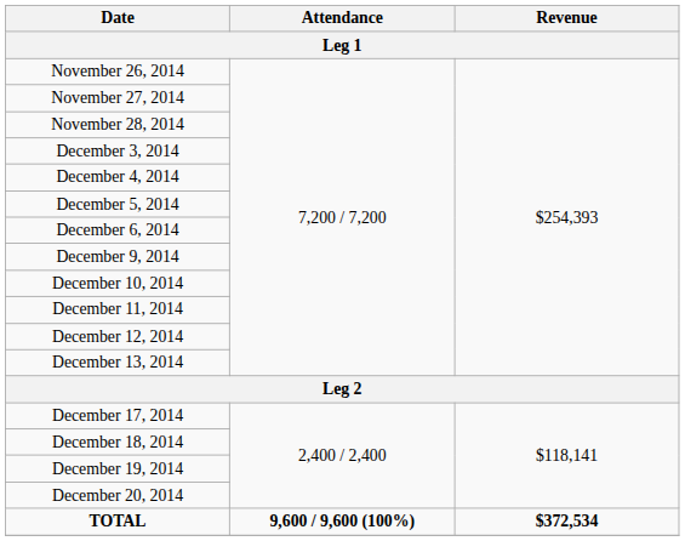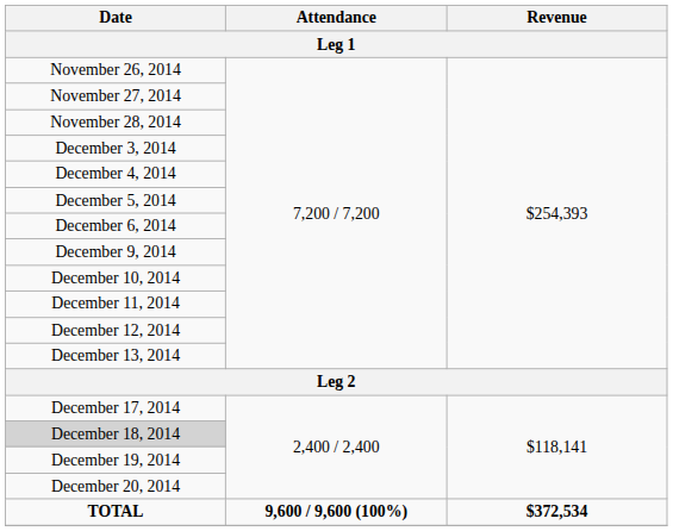 <table class="wikitable" style="text-align:center;">
 <tr>
 <th scope="col" style="width:13em;">Date</th>
 <th scope="col" style="width:13em;">Attendance</th>
 <th scope="col" style="width:13em;">Revenue</th>
 </tr>
 <tr>
 <th colspan="3">Leg 1</th>
 </tr>
 <tr>
 <td>November 26, 2014</td>
 <td rowspan="12">7,200 / 7,200</td>
 <td rowspan="12">$254,393</td>
 </tr>
 <tr>
 <td>November 27, 2014</td>
 </tr>
 <tr>
 <td>November 28, 2014</td>
 </tr>
 <tr>
 <td>December 3, 2014</td>
 </tr>
 <tr>
 <td>December 4, 2014</td>
 </tr>
 <tr>
 <td>December 5, 2014</td>
 </tr>
 <tr>
 <td>December 6, 2014</td>
 </tr>
 <tr>
 <td>December 9, 2014</td>
 </tr>
 <tr>
 <td>December 10, 2014</td>
 </tr>
 <tr>
 <td>December 11, 2014</td>
 </tr>
 <tr>
 <td>December 12, 2014</td>
 </tr>
 <tr>
 <td>December 13, 2014</td>
 </tr>
 <tr>
 <th colspan="3">Leg 2</th>
 </tr>
 <tr>
 <td>December 17, 2014</td>
 <td rowspan="4">2,400 / 2,400</td>
 <td rowspan="4">$118,141</td>
 </tr>
 <tr>
-<td>December 18, 2014</td>
+<td style="background: lightgrey;">December 18, 2014</td>
 </tr>
 <tr>
 <td>December 19, 2014</td>
 </tr>
 <tr>
 <td>December 20, 2014</td>
 </tr>
 <tr>
 <td><strong>TOTAL</strong></td>
 <td><strong>9,600 / 9,600</strong> <strong>(100%)</strong></td>
 <td><strong>$372,534</strong></td>
 </tr>
 <tr>
 </tr>
 </table>
